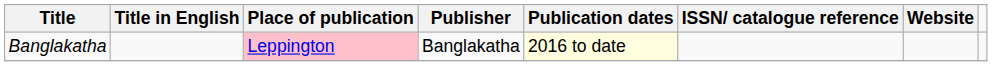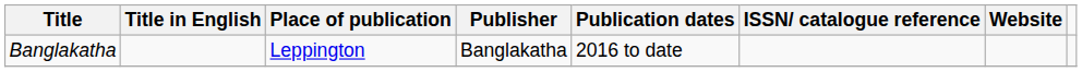 <table class="wikitable sortable">
 <tr>
 <th>Title</th>
 <th>Title in English</th>
 <th>Place of publication</th>
 <th>Publisher</th>
 <th>Publication dates</th>
 <th>ISSN/ catalogue reference</th>
 <th>Website</th>
 </tr>
 <tr>
 <td><em> Banglakatha</em></td>
 <td></td>
-<td style="background: pink;"><a href='#'>Leppington</a></td>
+<td><a href='#'>Leppington</a></td>
 <td>Banglakatha</td>
-<td style="background: lightyellow;">2016 to date</td>
+<td>2016 to date</td>
 <td></td>
 <td></td>
 <td></td>
 </tr>
 <tr>
 </tr>
 </table>
